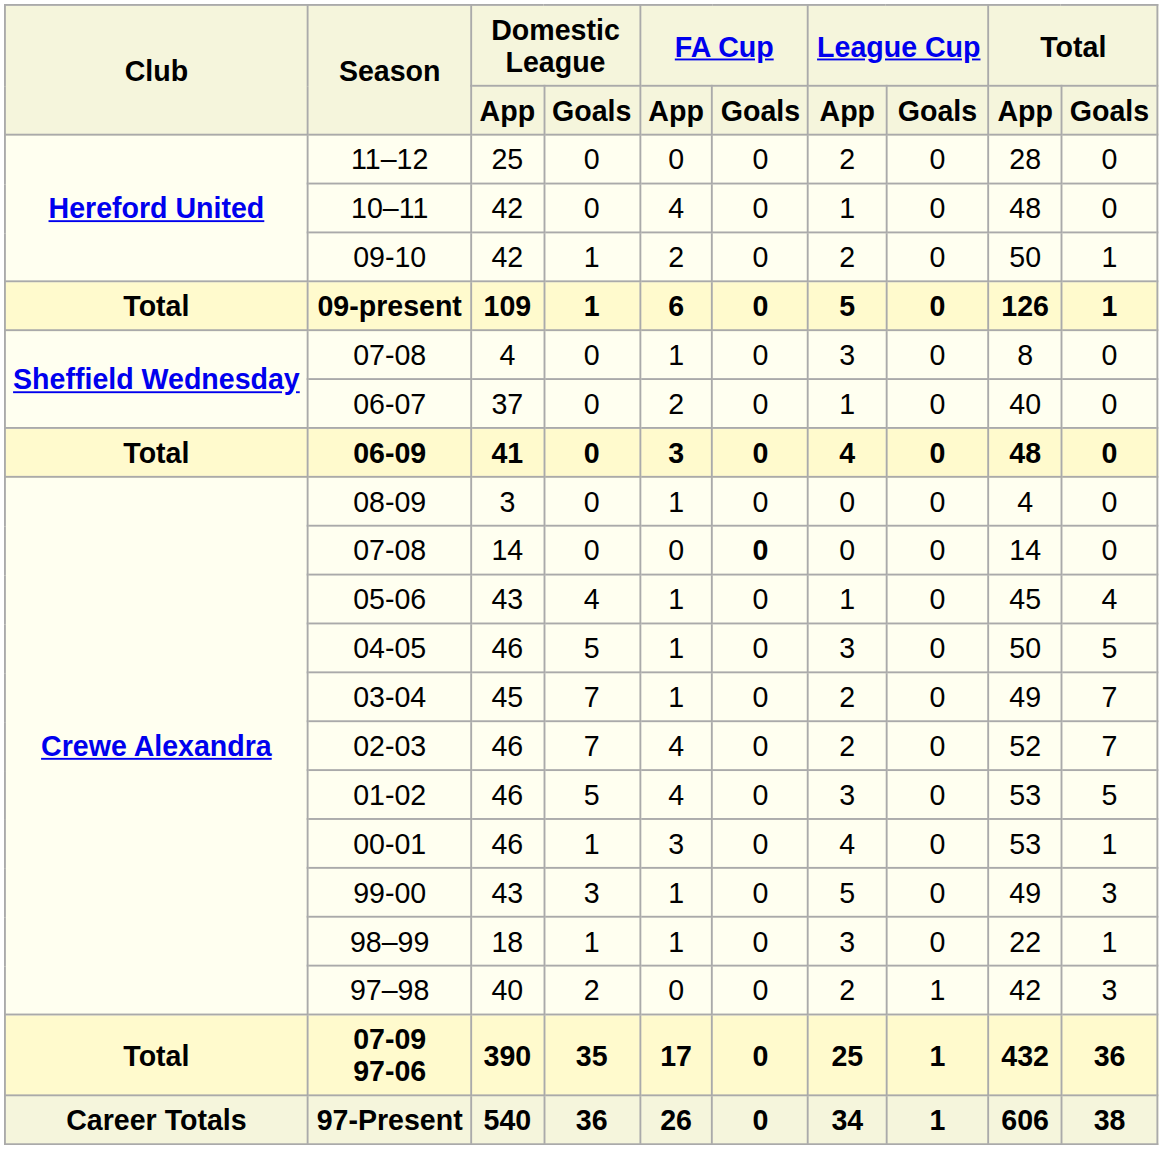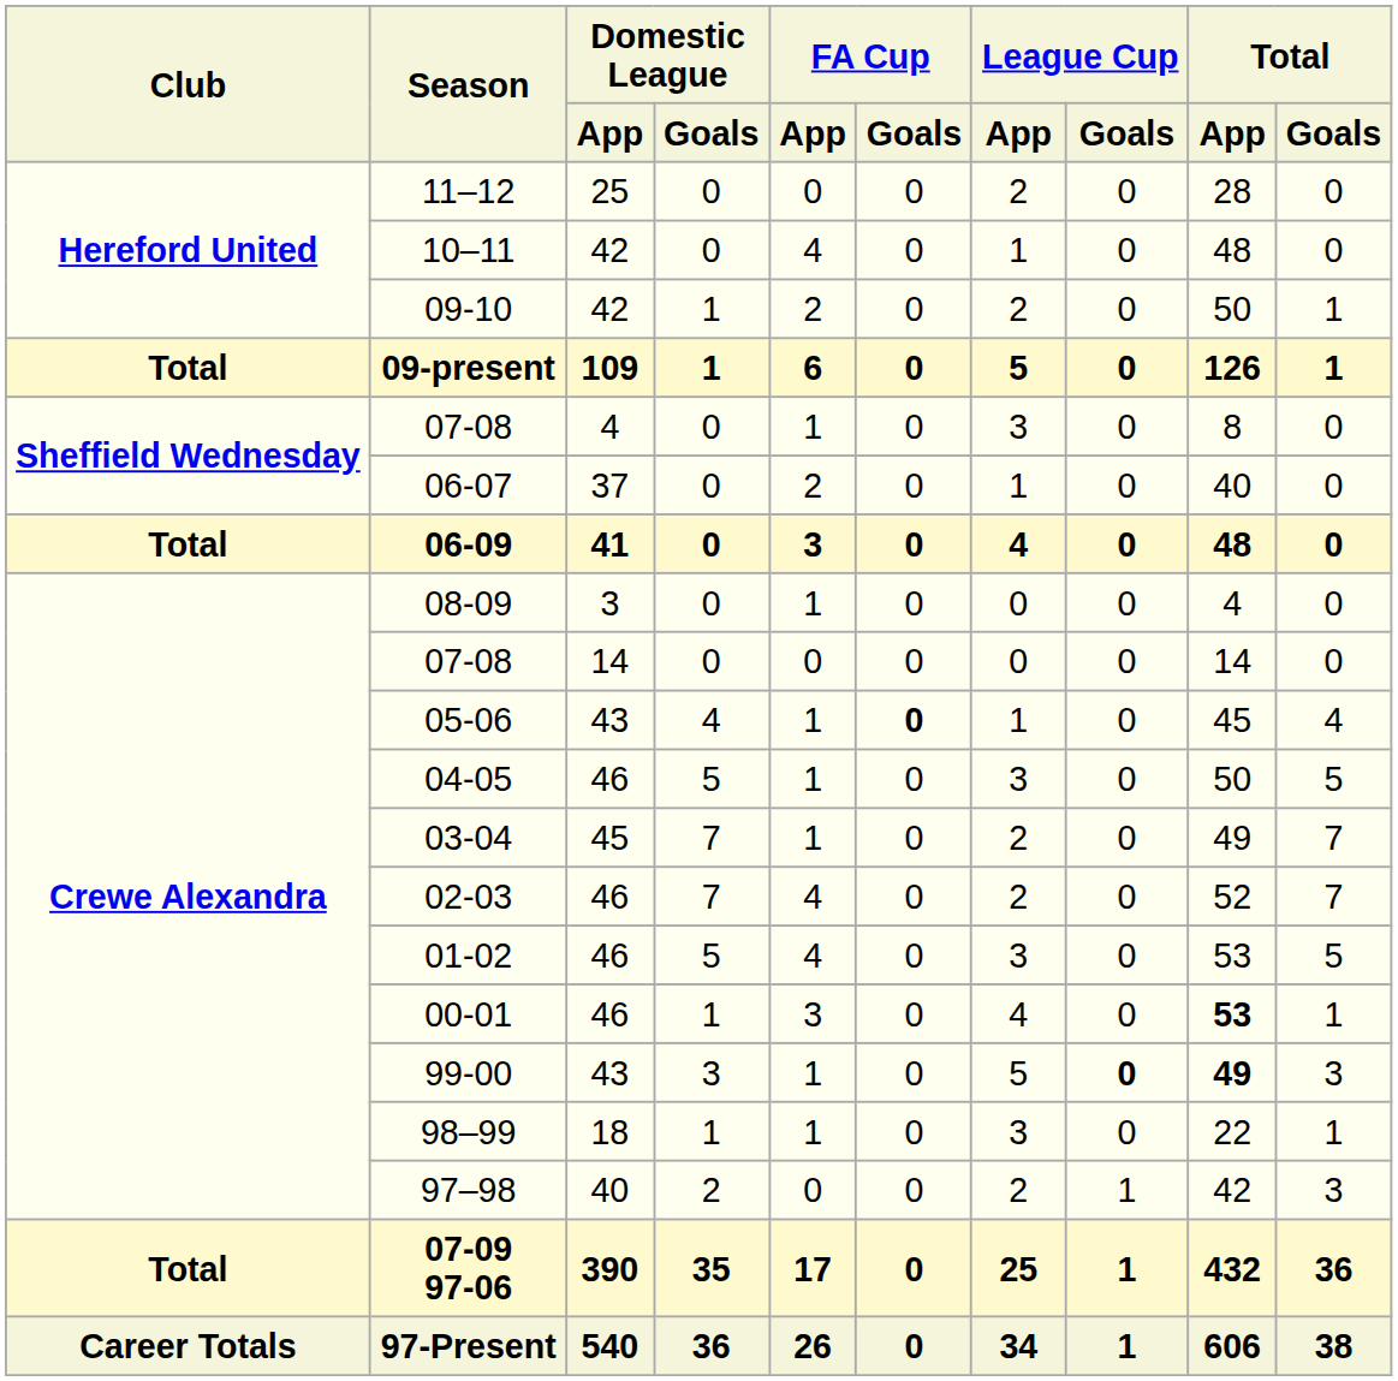 <table border=1 align=center cellpadding=4 cellspacing=2 style="background: ivory; font-size: 95%; border: 1px #aaaaaa solid; border-collapse: collapse; clear:center">
 <tr style="background:beige">
 <th rowspan="2">Club</th>
 <th rowspan="2">Season</th>
 <th colspan="2">Domestic<br>League</th>
 <th colspan="2"><a href='#'>FA Cup</a></th>
 <th colspan="2"><a href='#'>League Cup</a></th>
 <th colspan="2">Total</th>
 </tr>
 <tr style="background:beige">
 <th>App</th>
 <th>Goals</th>
 <th>App</th>
 <th>Goals</th>
 <th>App</th>
 <th>Goals</th>
 <th>App</th>
 <th>Goals</th>
 </tr>
 <tr>
 <td rowspan="3" align=center valign=center><strong><a href='#'>Hereford United</a></strong></td>
 <td align="center">11–12</td>
 <td align="center">25</td>
 <td align="center">0</td>
 <td align="center">0</td>
 <td align="center">0</td>
 <td align="center">2</td>
 <td align="center">0</td>
 <td align="center">28</td>
 <td align="center">0</td>
 </tr>
 <tr>
 <td align="center">10–11</td>
 <td align="center">42</td>
 <td align="center">0</td>
 <td align="center">4</td>
 <td align="center">0</td>
 <td align="center">1</td>
 <td align="center">0</td>
 <td align="center">48</td>
 <td align="center">0</td>
 </tr>
 <tr>
 <td align="center">09-10</td>
 <td align="center">42</td>
 <td align="center">1</td>
 <td align="center">2</td>
 <td align="center">0</td>
 <td align="center">2</td>
 <td align="center">0</td>
 <td align="center">50</td>
 <td align="center">1</td>
 </tr>
 <tr style="background:lemonchiffon">
 <th>Total</th>
 <th>09-present</th>
 <th>109</th>
 <th>1</th>
 <th>6</th>
 <th>0</th>
 <th>5</th>
 <th>0</th>
 <th>126</th>
 <th>1</th>
 </tr>
 <tr>
 <td rowspan="2" align=center valign=center><strong><a href='#'>Sheffield Wednesday</a></strong></td>
 <td align="center">07-08</td>
 <td align="center">4</td>
 <td align="center">0</td>
 <td align="center">1</td>
 <td align="center">0</td>
 <td align="center">3</td>
 <td align="center">0</td>
 <td align="center">8</td>
 <td align="center">0</td>
 </tr>
 <tr>
 <td align="center">06-07</td>
 <td align="center">37</td>
 <td align="center">0</td>
 <td align="center">2</td>
 <td align="center">0</td>
 <td align="center">1</td>
 <td align="center">0</td>
 <td align="center">40</td>
 <td align="center">0</td>
 </tr>
 <tr style="background:lemonchiffon">
 <th>Total</th>
 <th>06-09</th>
 <th>41</th>
 <th>0</th>
 <th>3</th>
 <th>0</th>
 <th>4</th>
 <th>0</th>
 <th>48</th>
 <th>0</th>
 </tr>
 <tr>
 <td rowspan="11" align=center valign=center><strong><a href='#'>Crewe Alexandra</a></strong></td>
 <td align="center">08-09</td>
 <td align="center">3</td>
 <td align="center">0</td>
 <td align="center">1</td>
 <td align="center">0</td>
 <td align="center">0</td>
 <td align="center">0</td>
 <td align="center">4</td>
 <td align="center">0</td>
 </tr>
 <tr>
 <td align="center">07-08</td>
 <td align="center">14</td>
 <td align="center">0</td>
 <td align="center">0</td>
-<td align="center"><strong>0</strong></td>
+<td align="center">0</td>
 <td align="center">0</td>
 <td align="center">0</td>
 <td align="center">14</td>
 <td align="center">0</td>
 </tr>
 <tr>
 <td align="center">05-06</td>
 <td align="center">43</td>
 <td align="center">4</td>
 <td align="center">1</td>
-<td align="center">0</td>
+<td align="center"><strong>0</strong></td>
 <td align="center">1</td>
 <td align="center">0</td>
 <td align="center">45</td>
 <td align="center">4</td>
 </tr>
 <tr>
 <td align="center">04-05</td>
 <td align="center">46</td>
 <td align="center">5</td>
 <td align="center">1</td>
 <td align="center">0</td>
 <td align="center">3</td>
 <td align="center">0</td>
 <td align="center">50</td>
 <td align="center">5</td>
 </tr>
 <tr>
 <td align="center">03-04</td>
 <td align="center">45</td>
 <td align="center">7</td>
 <td align="center">1</td>
 <td align="center">0</td>
 <td align="center">2</td>
 <td align="center">0</td>
 <td align="center">49</td>
 <td align="center">7</td>
 </tr>
 <tr>
 <td align="center">02-03</td>
 <td align="center">46</td>
 <td align="center">7</td>
 <td align="center">4</td>
 <td align="center">0</td>
 <td align="center">2</td>
 <td align="center">0</td>
 <td align="center">52</td>
 <td align="center">7</td>
 </tr>
 <tr>
 <td align="center">01-02</td>
 <td align="center">46</td>
 <td align="center">5</td>
 <td align="center">4</td>
 <td align="center">0</td>
 <td align="center">3</td>
 <td align="center">0</td>
 <td align="center">53</td>
 <td align="center">5</td>
 </tr>
 <tr>
 <td align="center">00-01</td>
 <td align="center">46</td>
 <td align="center">1</td>
 <td align="center">3</td>
 <td align="center">0</td>
 <td align="center">4</td>
 <td align="center">0</td>
-<td align="center">53</td>
+<td align="center"><strong>53</strong></td>
 <td align="center">1</td>
 </tr>
 <tr>
 <td align="center">99-00</td>
 <td align="center">43</td>
 <td align="center">3</td>
 <td align="center">1</td>
 <td align="center">0</td>
 <td align="center">5</td>
-<td align="center">0</td>
-<td align="center">49</td>
+<td align="center"><strong>0</strong></td>
+<td align="center"><strong>49</strong></td>
 <td align="center">3</td>
 </tr>
 <tr>
 <td align="center">98–99</td>
 <td align="center">18</td>
 <td align="center">1</td>
 <td align="center">1</td>
 <td align="center">0</td>
 <td align="center">3</td>
 <td align="center">0</td>
 <td align="center">22</td>
 <td align="center">1</td>
 </tr>
 <tr>
 <td align="center">97–98</td>
 <td align="center">40</td>
 <td align="center">2</td>
 <td align="center">0</td>
 <td align="center">0</td>
 <td align="center">2</td>
 <td align="center">1</td>
 <td align="center">42</td>
 <td align="center">3</td>
 </tr>
 <tr style="background:lemonchiffon">
 <th>Total</th>
 <th>07-09<br>97-06</th>
 <th>390</th>
 <th>35</th>
 <th>17</th>
 <th>0</th>
 <th>25</th>
 <th>1</th>
 <th>432</th>
 <th>36</th>
 </tr>
 <tr>
 <th style="background:beige">Career Totals</th>
 <th style="background:beige" colspan="1">97-Present</th>
 <th style="background:beige">540</th>
 <th style="background:beige">36</th>
 <th style="background:beige">26</th>
 <th style="background:beige">0</th>
 <th style="background:beige">34</th>
 <th style="background:beige">1</th>
 <th style="background:beige">606</th>
 <th style="background:beige">38</th>
 </tr>
 </table>
